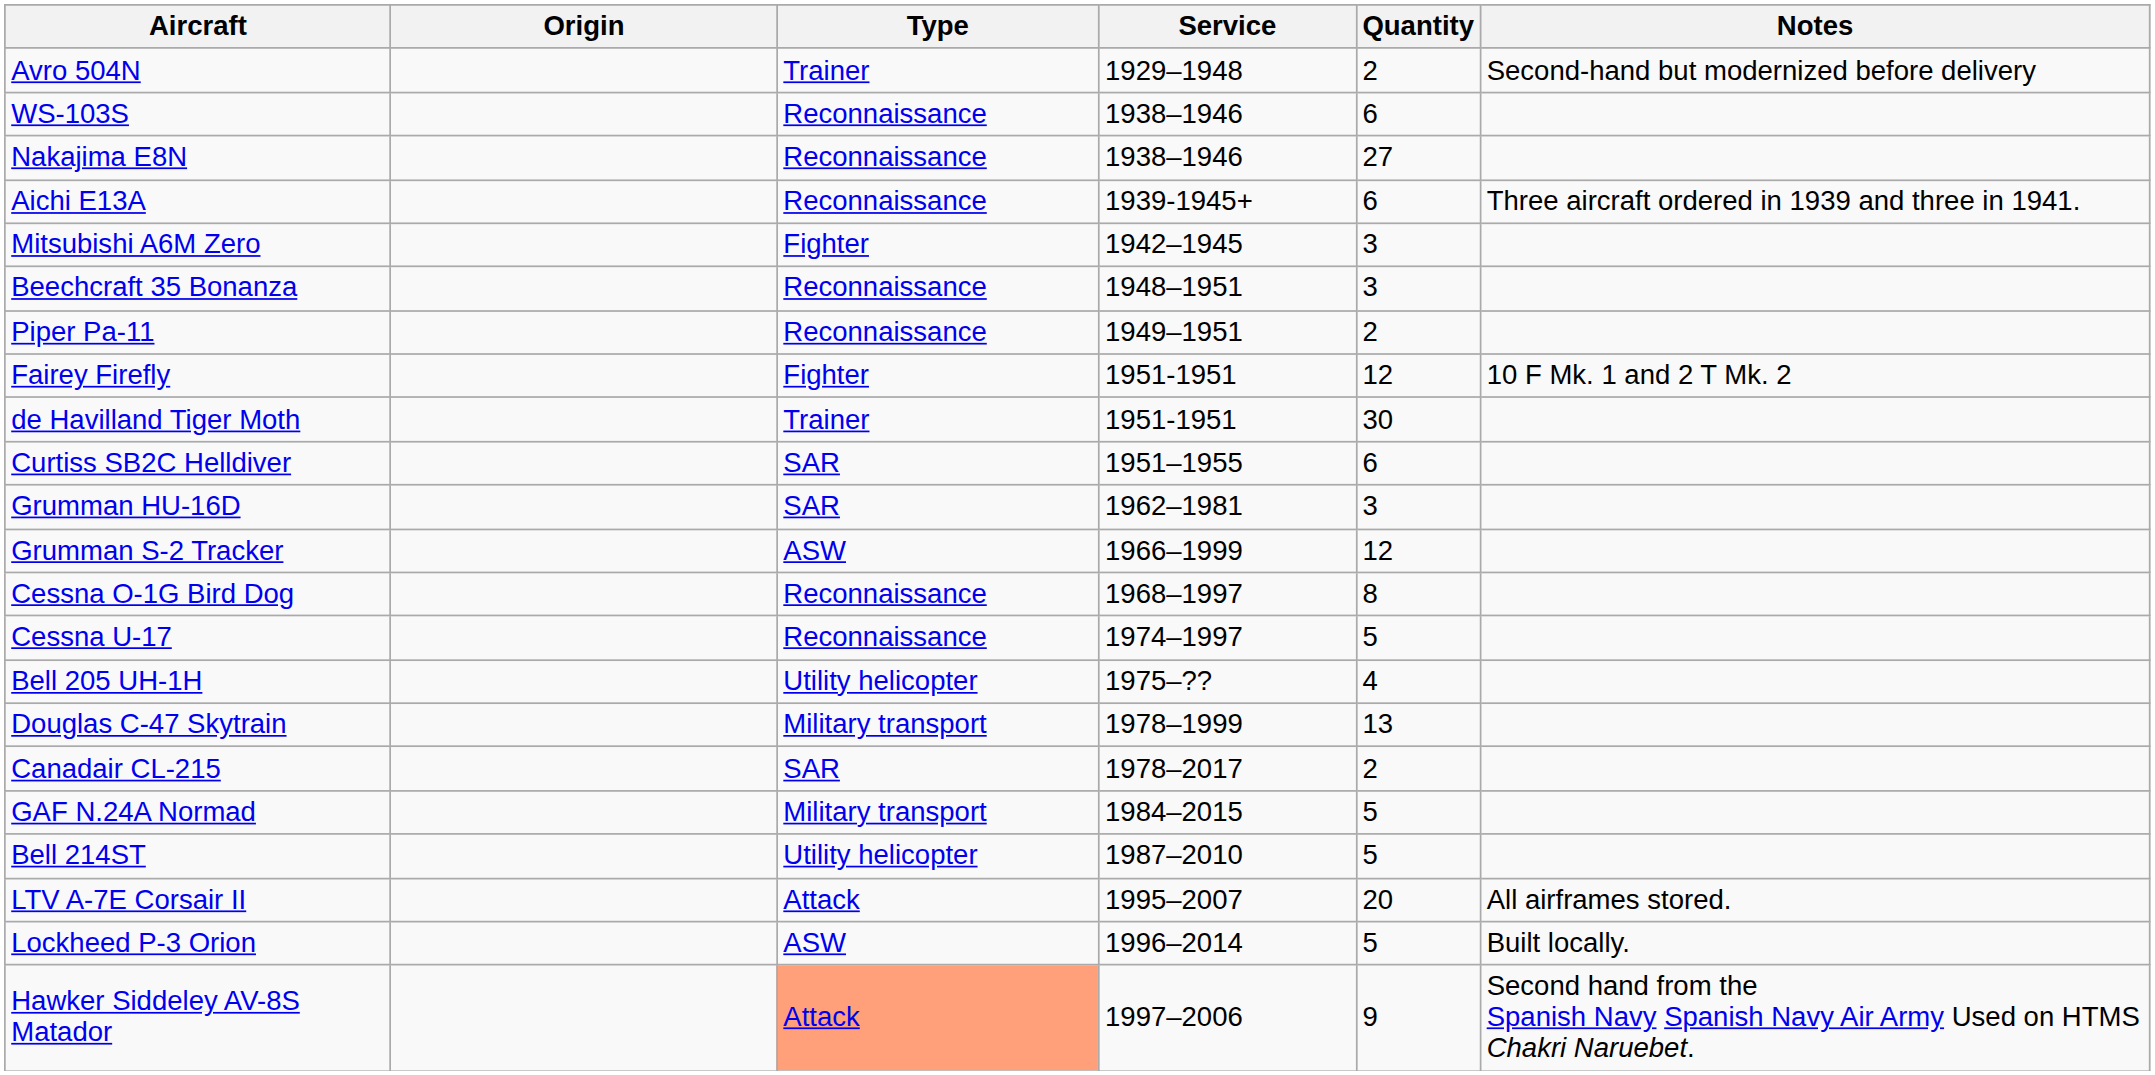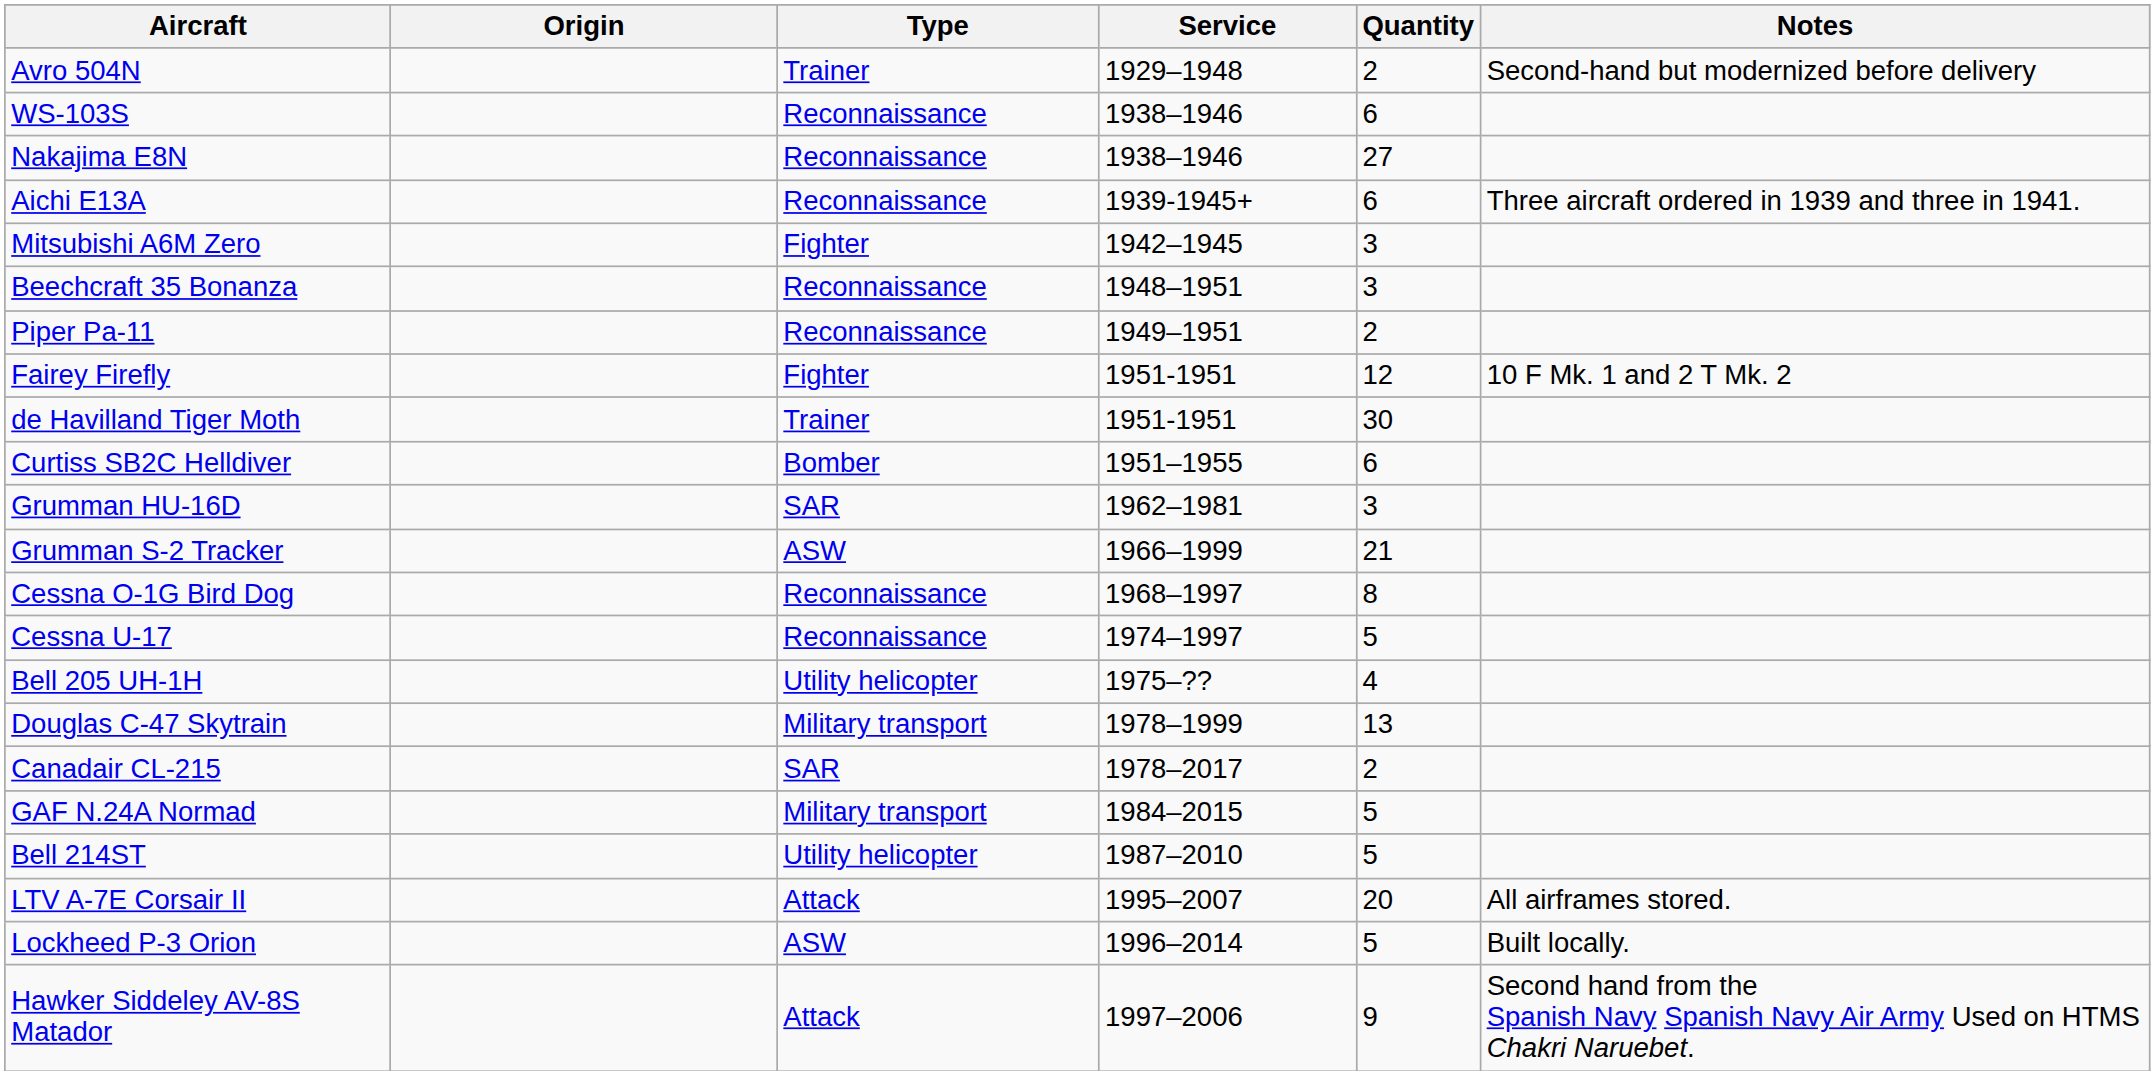 <table class="wikitable sortable" ;>
 <tr bgcolor=cccccc>
 <th style="text-align:centre; width:18%;">Aircraft</th>
 <th style="text-align:centre; width:18%;">Origin</th>
 <th style="text-align:centre; width:15%;">Type</th>
 <th style="text-align:centre; width:12%;">Service</th>
 <th style="text-align:centre; width:5%;">Quantity</th>
 <th>Notes</th>
 </tr>
 <tr>
 <td><a href='#'>Avro 504N</a></td>
 <td><br></td>
 <td><a href='#'>Trainer</a></td>
 <td>1929–1948</td>
 <td>2</td>
 <td>Second-hand but modernized before delivery</td>
 </tr>
 <tr>
 <td><a href='#'>WS-103S</a></td>
 <td></td>
 <td><a href='#'>Reconnaissance</a></td>
 <td>1938–1946</td>
 <td>6</td>
 <td></td>
 </tr>
 <tr>
 <td><a href='#'>Nakajima E8N</a></td>
 <td></td>
 <td><a href='#'>Reconnaissance</a></td>
 <td>1938–1946</td>
 <td>27</td>
 <td></td>
 </tr>
 <tr>
 <td><a href='#'>Aichi E13A</a></td>
 <td></td>
 <td><a href='#'>Reconnaissance</a></td>
 <td>1939-1945+</td>
 <td>6</td>
 <td>Three aircraft ordered in 1939 and three in 1941.</td>
 </tr>
 <tr>
 <td><a href='#'>Mitsubishi A6M Zero</a></td>
 <td></td>
 <td><a href='#'>Fighter</a></td>
 <td>1942–1945</td>
 <td>3</td>
 <td></td>
 </tr>
 <tr>
 <td><a href='#'>Beechcraft 35 Bonanza</a></td>
 <td></td>
 <td><a href='#'>Reconnaissance</a></td>
 <td>1948–1951</td>
 <td>3</td>
 <td></td>
 </tr>
 <tr>
 <td><a href='#'>Piper Pa-11</a></td>
 <td></td>
 <td><a href='#'>Reconnaissance</a></td>
 <td>1949–1951</td>
 <td>2</td>
 <td></td>
 </tr>
 <tr>
 <td><a href='#'>Fairey Firefly</a></td>
 <td></td>
 <td><a href='#'>Fighter</a></td>
 <td>1951-1951</td>
 <td>12</td>
 <td>10 F Mk. 1 and 2 T Mk. 2 </td>
 </tr>
 <tr>
 <td><a href='#'>de Havilland Tiger Moth</a></td>
 <td></td>
 <td><a href='#'>Trainer</a></td>
 <td>1951-1951</td>
 <td>30</td>
 <td></td>
 </tr>
 <tr>
 <td><a href='#'>Curtiss SB2C Helldiver</a></td>
 <td></td>
-<td><a href='#'>SAR</a></td>
+<td><a href='#'>Bomber</a></td>
 <td>1951–1955</td>
 <td>6</td>
 <td></td>
 </tr>
 <tr>
 <td><a href='#'>Grumman HU-16D</a></td>
 <td></td>
 <td><a href='#'>SAR</a></td>
 <td>1962–1981</td>
 <td>3</td>
 <td></td>
 </tr>
 <tr>
 <td><a href='#'>Grumman S-2 Tracker</a></td>
 <td></td>
 <td><a href='#'>ASW</a></td>
 <td>1966–1999</td>
-<td>12</td>
+<td>21</td>
 <td></td>
 </tr>
 <tr>
 <td><a href='#'>Cessna O-1G Bird Dog</a></td>
 <td></td>
 <td><a href='#'>Reconnaissance</a></td>
 <td>1968–1997</td>
 <td>8</td>
 <td></td>
 </tr>
 <tr>
 <td><a href='#'>Cessna U-17</a></td>
 <td></td>
 <td><a href='#'>Reconnaissance</a></td>
 <td>1974–1997</td>
 <td>5</td>
 <td></td>
 </tr>
 <tr>
 <td><a href='#'>Bell 205 UH-1H</a></td>
 <td></td>
 <td><a href='#'>Utility helicopter</a></td>
 <td>1975–??</td>
 <td>4</td>
 <td></td>
 </tr>
 <tr>
 <td><a href='#'>Douglas C-47 Skytrain</a></td>
 <td></td>
 <td><a href='#'>Military transport</a></td>
 <td>1978–1999</td>
 <td>13</td>
 <td></td>
 </tr>
 <tr>
 <td><a href='#'>Canadair CL-215</a></td>
 <td></td>
 <td><a href='#'>SAR</a></td>
 <td>1978–2017</td>
 <td>2</td>
 <td></td>
 </tr>
 <tr>
 <td><a href='#'>GAF N.24A Normad</a></td>
 <td></td>
 <td><a href='#'>Military transport</a></td>
 <td>1984–2015</td>
 <td>5</td>
 <td></td>
 </tr>
 <tr>
 <td><a href='#'>Bell 214ST</a></td>
 <td></td>
 <td><a href='#'>Utility helicopter</a></td>
 <td>1987–2010</td>
 <td>5</td>
 <td></td>
 </tr>
 <tr>
 <td><a href='#'>LTV A-7E Corsair II</a></td>
 <td></td>
 <td><a href='#'>Attack</a></td>
 <td>1995–2007</td>
 <td>20</td>
 <td>All airframes stored.</td>
 </tr>
 <tr>
 <td><a href='#'>Lockheed P-3 Orion</a></td>
 <td></td>
 <td><a href='#'>ASW</a></td>
 <td>1996–2014</td>
 <td>5</td>
 <td>Built locally.</td>
 </tr>
 <tr>
 <td><a href='#'>Hawker Siddeley AV-8S Matador</a></td>
 <td></td>
-<td style="background: lightsalmon;"><a href='#'>Attack</a></td>
+<td><a href='#'>Attack</a></td>
 <td>1997–2006</td>
 <td>9</td>
 <td>Second hand from the<br><a href='#'>Spanish Navy</a> <a href='#'>Spanish Navy Air Army</a> Used on HTMS <em>Chakri Naruebet</em>.</td>
 </tr>
 </table>
